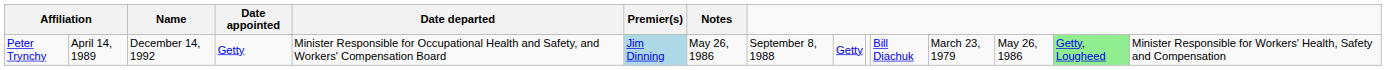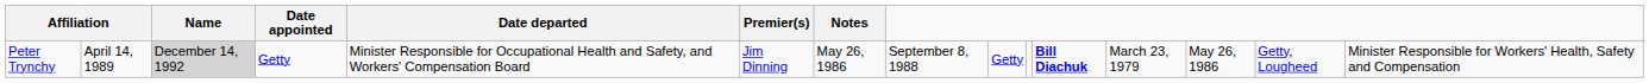 <table class="wikitable">
 <tr>
 <th colspan="2">Affiliation</th>
 <th>Name</th>
 <th>Date appointed</th>
 <th>Date departed</th>
 <th>Premier(s)</th>
 <th>Notes</th>
 </tr>
 <tr>
 <td><a href='#'>Peter Trynchy</a></td>
 <td>April 14, 1989</td>
-<td>December 14, 1992</td>
+<td style="background: lightgrey;">December 14, 1992</td>
 <td><a href='#'>Getty</a></td>
 <td>Minister Responsible for Occupational Health and Safety, and Workers' Compensation Board<br></td>
-<td style="background: lightblue;"><a href='#'>Jim Dinning</a></td>
+<td><a href='#'>Jim Dinning</a></td>
 <td>May 26, 1986</td>
 <td>September 8, 1988</td>
 <td><a href='#'>Getty</a></td>
 <td><br></td>
-<td><a href='#'>Bill Diachuk</a></td>
+<td><strong><a href='#'>Bill Diachuk</a></strong></td>
 <td>March 23, 1979</td>
 <td>May 26, 1986</td>
-<td style="background: lightgreen;"><a href='#'>Getty</a>, <a href='#'>Lougheed</a></td>
+<td><a href='#'>Getty</a>, <a href='#'>Lougheed</a></td>
 <td>Minister Responsible for Workers' Health, Safety and Compensation</td>
 </tr>
 </table>
